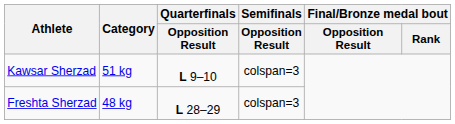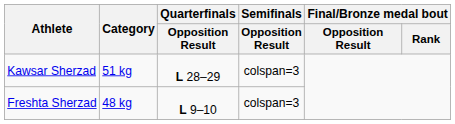 <table class="wikitable" style="text-align:center; font-size:90%">
 <tr>
 <th rowspan=2>Athlete</th>
 <th rowspan=2>Category</th>
 <th>Quarterfinals</th>
 <th>Semifinals</th>
 <th colspan=2>Final/Bronze medal bout</th>
 </tr>
 <tr style="font-size:95%">
 <th>Opposition<br>Result</th>
 <th>Opposition<br>Result</th>
 <th>Opposition<br>Result</th>
 <th>Rank</th>
 </tr>
 <tr>
 <td align=left><a href='#'>Kawsar Sherzad</a></td>
 <td align=left><a href='#'>51 kg</a></td>
-<td><br> <strong>L</strong> 9–10</td>
+<td><br> <strong>L</strong> 28–29</td>
 <td>colspan=3 </td>
 </tr>
 <tr>
 <td align=left><a href='#'>Freshta Sherzad</a></td>
 <td align=left><a href='#'>48 kg</a></td>
-<td><br> <strong>L</strong> 28–29</td>
+<td><br> <strong>L</strong> 9–10</td>
 <td>colspan=3 </td>
 </tr>
 </table>
